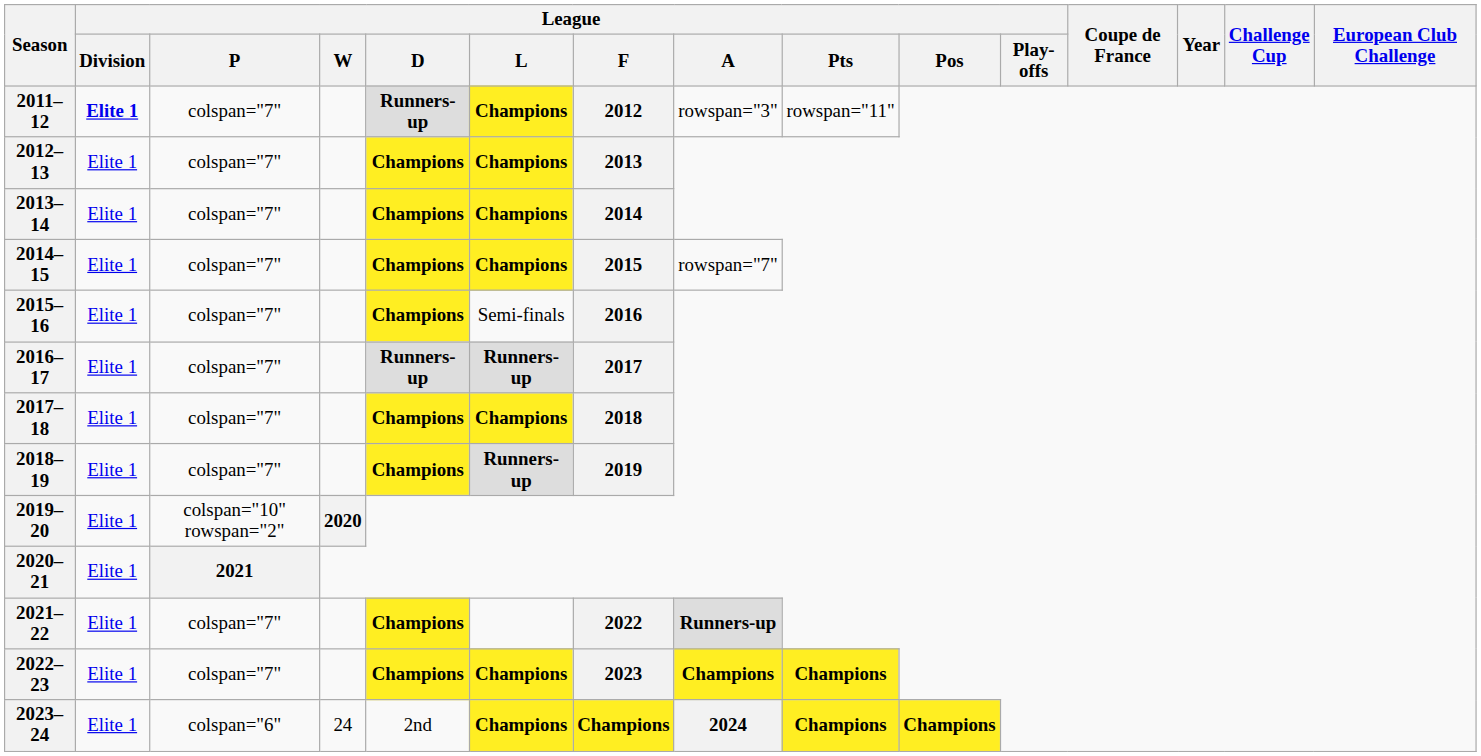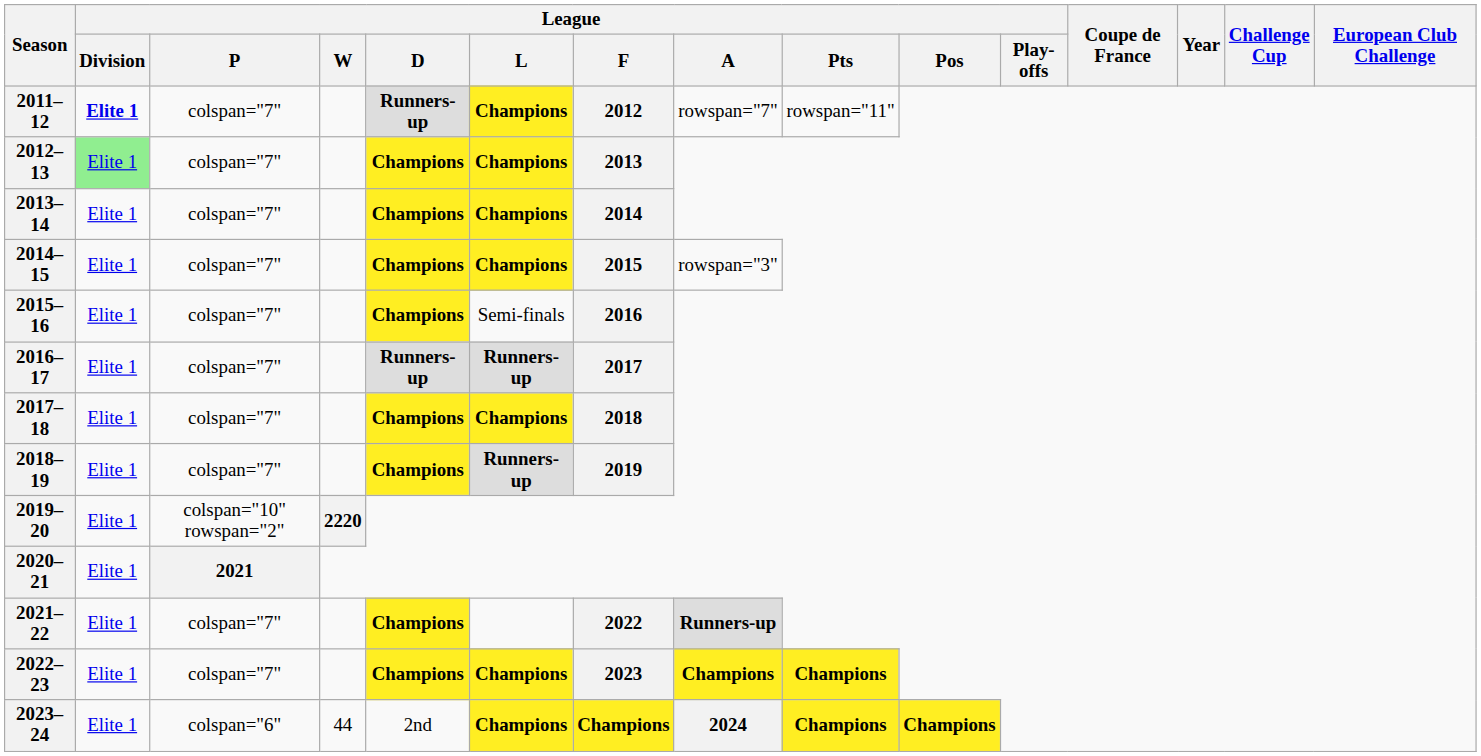 <table class="wikitable" style="text-align: center">
 <tr>
 <th rowspan="2" scope="col">Season</th>
 <th colspan="10" scope="col">League</th>
 <th rowspan="2" scope="col">Coupe de France</th>
 <th rowspan="2" scope="col">Year</th>
 <th rowspan="2" scope="col"><a href='#'>Challenge<br>Cup</a></th>
 <th rowspan="2" scope="col"><a href='#'>European Club Challenge</a></th>
 </tr>
 <tr>
 <th scope="col">Division</th>
 <th scope="col">P</th>
 <th scope="col">W</th>
 <th scope="col">D</th>
 <th scope="col">L</th>
 <th scope="col">F</th>
 <th scope="col">A</th>
 <th scope="col">Pts</th>
 <th scope="col">Pos</th>
 <th scope="col">Play-offs</th>
 </tr>
 <tr>
 <th scope="row">2011–12</th>
 <td><strong><a href='#'>Elite 1</a></strong></td>
 <td>colspan="7"</td>
 <td></td>
 <td style="background-color:#DDD"><strong>Runners-up</strong></td>
 <td style="background-color:#FE2"><strong>Champions</strong></td>
 <th>2012</th>
-<td>rowspan="3"</td>
+<td>rowspan="7"</td>
 <td>rowspan="11"</td>
 </tr>
 <tr>
 <th scope="row">2012–13</th>
-<td><a href='#'>Elite 1</a></td>
+<td style="background: lightgreen;"><a href='#'>Elite 1</a></td>
 <td>colspan="7"</td>
 <td></td>
 <td style="background-color:#FE2"><strong>Champions</strong></td>
 <td style="background-color:#FE2"><strong>Champions</strong></td>
 <th>2013</th>
 </tr>
 <tr>
 <th scope="row">2013–14</th>
 <td><a href='#'>Elite 1</a></td>
 <td>colspan="7"</td>
 <td></td>
 <td style="background-color:#FE2"><strong>Champions</strong></td>
 <td style="background-color:#FE2"><strong>Champions</strong></td>
 <th>2014</th>
 </tr>
 <tr>
 <th scope="row">2014–15</th>
 <td><a href='#'>Elite 1</a></td>
 <td>colspan="7"</td>
 <td></td>
 <td style="background-color:#FE2"><strong>Champions</strong></td>
 <td style="background-color:#FE2"><strong>Champions</strong></td>
 <th>2015</th>
-<td>rowspan="7"</td>
+<td>rowspan="3"</td>
 </tr>
 <tr>
 <th scope="row">2015–16</th>
 <td><a href='#'>Elite 1</a></td>
 <td>colspan="7"</td>
 <td></td>
 <td style="background-color:#FE2"><strong>Champions</strong></td>
 <td>Semi-finals</td>
 <th>2016</th>
 </tr>
 <tr>
 <th scope="row">2016–17</th>
 <td><a href='#'>Elite 1</a></td>
 <td>colspan="7"</td>
 <td></td>
 <td style="background-color:#DDD"><strong>Runners-up</strong></td>
 <td style="background-color:#DDD"><strong>Runners-up</strong></td>
 <th>2017</th>
 </tr>
 <tr>
 <th scope="row">2017–18</th>
 <td><a href='#'>Elite 1</a></td>
 <td>colspan="7"</td>
 <td></td>
 <td style="background-color:#FE2"><strong>Champions</strong></td>
 <td style="background-color:#FE2"><strong>Champions</strong></td>
 <th>2018</th>
 </tr>
 <tr>
 <th scope="row">2018–19</th>
 <td><a href='#'>Elite 1</a></td>
 <td>colspan="7"</td>
 <td></td>
 <td style="background-color:#FE2"><strong>Champions</strong></td>
 <td style="background-color:#DDD"><strong>Runners-up</strong></td>
 <th>2019</th>
 </tr>
 <tr>
 <th scope="row">2019–20</th>
 <td><a href='#'>Elite 1</a></td>
 <td>colspan="10" rowspan="2"</td>
-<th>2020</th>
+<th>2220</th>
 </tr>
 <tr>
 <th scope="row">2020–21</th>
 <td><a href='#'>Elite 1</a></td>
 <th>2021</th>
 </tr>
 <tr>
 <th scope="row">2021–22</th>
 <td><a href='#'>Elite 1</a></td>
 <td>colspan="7"</td>
 <td></td>
 <td style="background-color:#FE2"><strong>Champions</strong></td>
 <td></td>
 <th>2022</th>
 <td style="background-color:#DDD"><strong>Runners-up</strong></td>
 </tr>
 <tr>
 <th scope="row">2022–23</th>
 <td><a href='#'>Elite 1</a></td>
 <td>colspan="7"</td>
 <td></td>
 <td style="background-color:#FE2"><strong>Champions</strong></td>
 <td style="background-color:#FE2"><strong>Champions</strong></td>
 <th>2023</th>
 <td style="background-color:#FE2"><strong>Champions</strong></td>
 <td style="background-color:#FE2"><strong>Champions</strong></td>
 </tr>
 <tr>
 <th scope="row">2023–24</th>
 <td><a href='#'>Elite 1</a></td>
 <td>colspan="6"</td>
-<td>24</td>
+<td>44</td>
 <td>2nd</td>
 <td style="background-color:#FE2"><strong>Champions</strong></td>
 <td style="background-color:#FE2"><strong>Champions</strong></td>
 <th>2024</th>
 <td style="background-color:#FE2"><strong>Champions</strong></td>
 <td style="background-color:#FE2"><strong>Champions</strong></td>
 </tr>
 </table>
